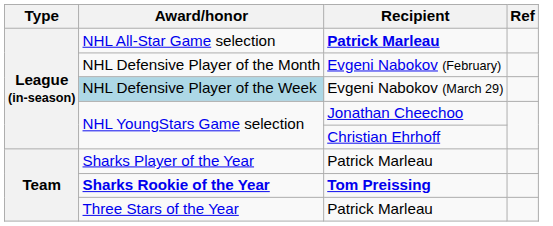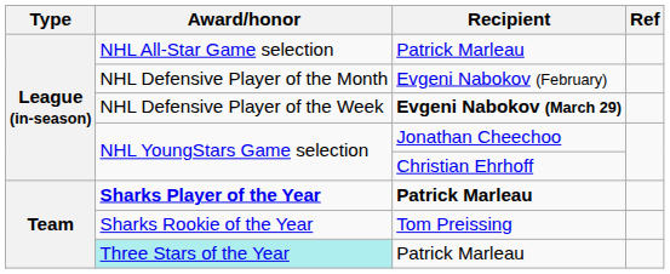 <table class="wikitable">
 <tr>
 <th scope="col">Type</th>
 <th scope="col">Award/honor</th>
 <th scope="col">Recipient</th>
 <th scope="col">Ref</th>
 </tr>
 <tr>
 <th scope="row" rowspan="5">League<br><small>(in-season)</small></th>
 <td><a href='#'>NHL All-Star Game</a> selection</td>
-<td><strong><a href='#'>Patrick Marleau</a></strong></td>
+<td><a href='#'>Patrick Marleau</a></td>
 <td></td>
 </tr>
 <tr>
 <td>NHL Defensive Player of the Month</td>
 <td><a href='#'>Evgeni Nabokov</a> <small>(February)</small></td>
 <td></td>
 </tr>
 <tr>
-<td style="background: lightblue;">NHL Defensive Player of the Week</td>
-<td>Evgeni Nabokov <small>(March 29)</small></td>
+<td>NHL Defensive Player of the Week</td>
+<td><strong>Evgeni Nabokov <small>(March 29)</small></strong></td>
 <td></td>
 </tr>
 <tr>
 <td rowspan="2"><a href='#'>NHL YoungStars Game</a> selection</td>
 <td><a href='#'>Jonathan Cheechoo</a></td>
 <td rowspan="2"></td>
 </tr>
 <tr>
 <td><a href='#'>Christian Ehrhoff</a></td>
 </tr>
 <tr>
 <th scope="row" rowspan="3">Team</th>
-<td><a href='#'>Sharks Player of the Year</a></td>
-<td>Patrick Marleau</td>
+<td><strong><a href='#'>Sharks Player of the Year</a></strong></td>
+<td><strong>Patrick Marleau</strong></td>
 <td></td>
 </tr>
 <tr>
-<td><strong><a href='#'>Sharks Rookie of the Year</a></strong></td>
-<td><strong><a href='#'>Tom Preissing</a></strong></td>
+<td><a href='#'>Sharks Rookie of the Year</a></td>
+<td><a href='#'>Tom Preissing</a></td>
 <td></td>
 </tr>
 <tr>
-<td><a href='#'>Three Stars of the Year</a></td>
+<td style="background: paleturquoise;"><a href='#'>Three Stars of the Year</a></td>
 <td>Patrick Marleau</td>
 <td></td>
 </tr>
 </table>
